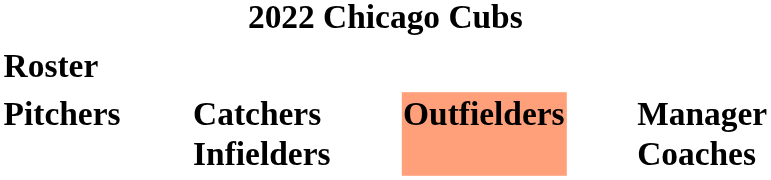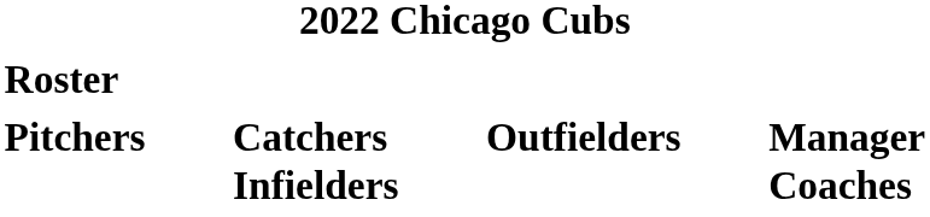 <table class="toccolours" style="font-size: 95%;">
 <tr>
 <th colspan="10">2022 Chicago Cubs</th>
 </tr>
 <tr>
 <td colspan="10"><strong>Roster</strong></td>
 </tr>
 <tr>
 <td valign="top"><strong>Pitchers</strong><br>                                                                            </td>
 <td width="25px"></td>
 <td valign="top"><strong>Catchers</strong><br>      <strong>Infielders</strong>                       </td>
 <td width="25px"></td>
-<td valign="top" style="background: lightsalmon;"><strong>Outfielders</strong><br>                  </td>
+<td valign="top"><strong>Outfielders</strong><br>                  </td>
 <td width="25px"></td>
 <td valign="top"><strong>Manager</strong><br> <strong>Coaches</strong>                          </td>
 </tr>
 <tr>
 </tr>
 </table>
